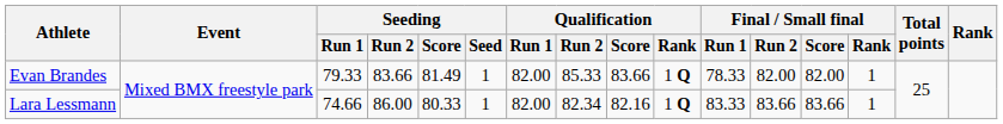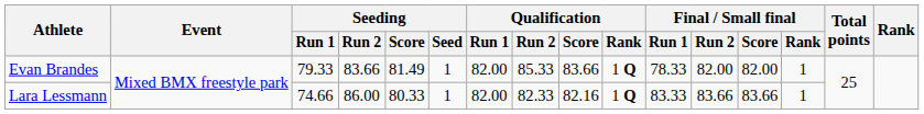 <table class="wikitable" style="font-size:90%;">
 <tr>
 <th rowspan=2>Athlete</th>
 <th rowspan=2>Event</th>
 <th colspan=4>Seeding</th>
 <th colspan=4>Qualification</th>
 <th colspan=4>Final / Small final</th>
 <th rowspan=2>Total<br>points</th>
 <th rowspan=2>Rank</th>
 </tr>
 <tr style="font-size:95%">
 <th>Run 1</th>
 <th>Run 2</th>
 <th>Score</th>
 <th>Seed</th>
 <th>Run 1</th>
 <th>Run 2</th>
 <th>Score</th>
 <th>Rank</th>
 <th>Run 1</th>
 <th>Run 2</th>
 <th>Score</th>
 <th>Rank</th>
 </tr>
 <tr align=center>
 <td align=left><a href='#'>Evan Brandes</a></td>
 <td rowspan=2><a href='#'>Mixed BMX freestyle park</a></td>
 <td>79.33</td>
 <td>83.66</td>
 <td>81.49</td>
 <td>1</td>
 <td>82.00</td>
 <td>85.33</td>
 <td>83.66</td>
 <td>1 <strong>Q</strong></td>
 <td>78.33</td>
 <td>82.00</td>
 <td>82.00</td>
 <td>1</td>
 <td rowspan=2>25</td>
 <td rowspan=2></td>
 </tr>
 <tr align=center>
 <td align="left"><a href='#'>Lara Lessmann</a></td>
 <td>74.66</td>
 <td>86.00</td>
 <td>80.33</td>
 <td>1</td>
 <td>82.00</td>
-<td>82.34</td>
+<td>82.33</td>
 <td>82.16</td>
 <td>1 <strong>Q</strong></td>
 <td>83.33</td>
 <td>83.66</td>
 <td>83.66</td>
 <td>1</td>
 </tr>
 </table>
